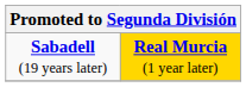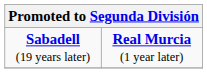 <table class="wikitable" style="text-align: center; margin: 0 auto;">
 <tr>
 <th colspan="2">Promoted to <a href='#'>Segunda División</a></th>
 </tr>
 <tr>
 <td><strong><a href='#'>Sabadell</a></strong><br><small>(19 years later)</small></td>
-<td style="background: gold;"><strong><a href='#'>Real Murcia</a></strong><br><small>(1 year later)</small></td>
+<td><strong><a href='#'>Real Murcia</a></strong><br><small>(1 year later)</small></td>
 </tr>
 <tr>
 </tr>
 </table>
